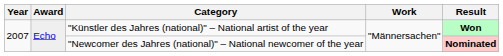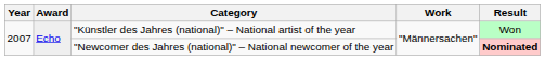 <table class="wikitable">
 <tr>
 <th>Year</th>
 <th>Award</th>
 <th>Category</th>
 <th>Work</th>
 <th>Result</th>
 </tr>
 <tr>
 <td rowspan="2">2007</td>
 <td bgcolor="#efefef" rowspan="2"><a href='#'>Echo</a></td>
 <td>"Künstler des Jahres (national)" – National artist of the year</td>
 <td rowspan="2">"Männersachen"</td>
-<td bgcolor="#B9FFC5" align="center"><strong>Won</strong></td>
+<td bgcolor="#B9FFC5" align="center">Won</td>
 </tr>
 <tr>
 <td>"Newcomer des Jahres (national)" – National newcomer of the year</td>
 <td bgcolor="#FFCBCB" align="center"><strong>Nominated</strong></td>
 </tr>
 </table>
